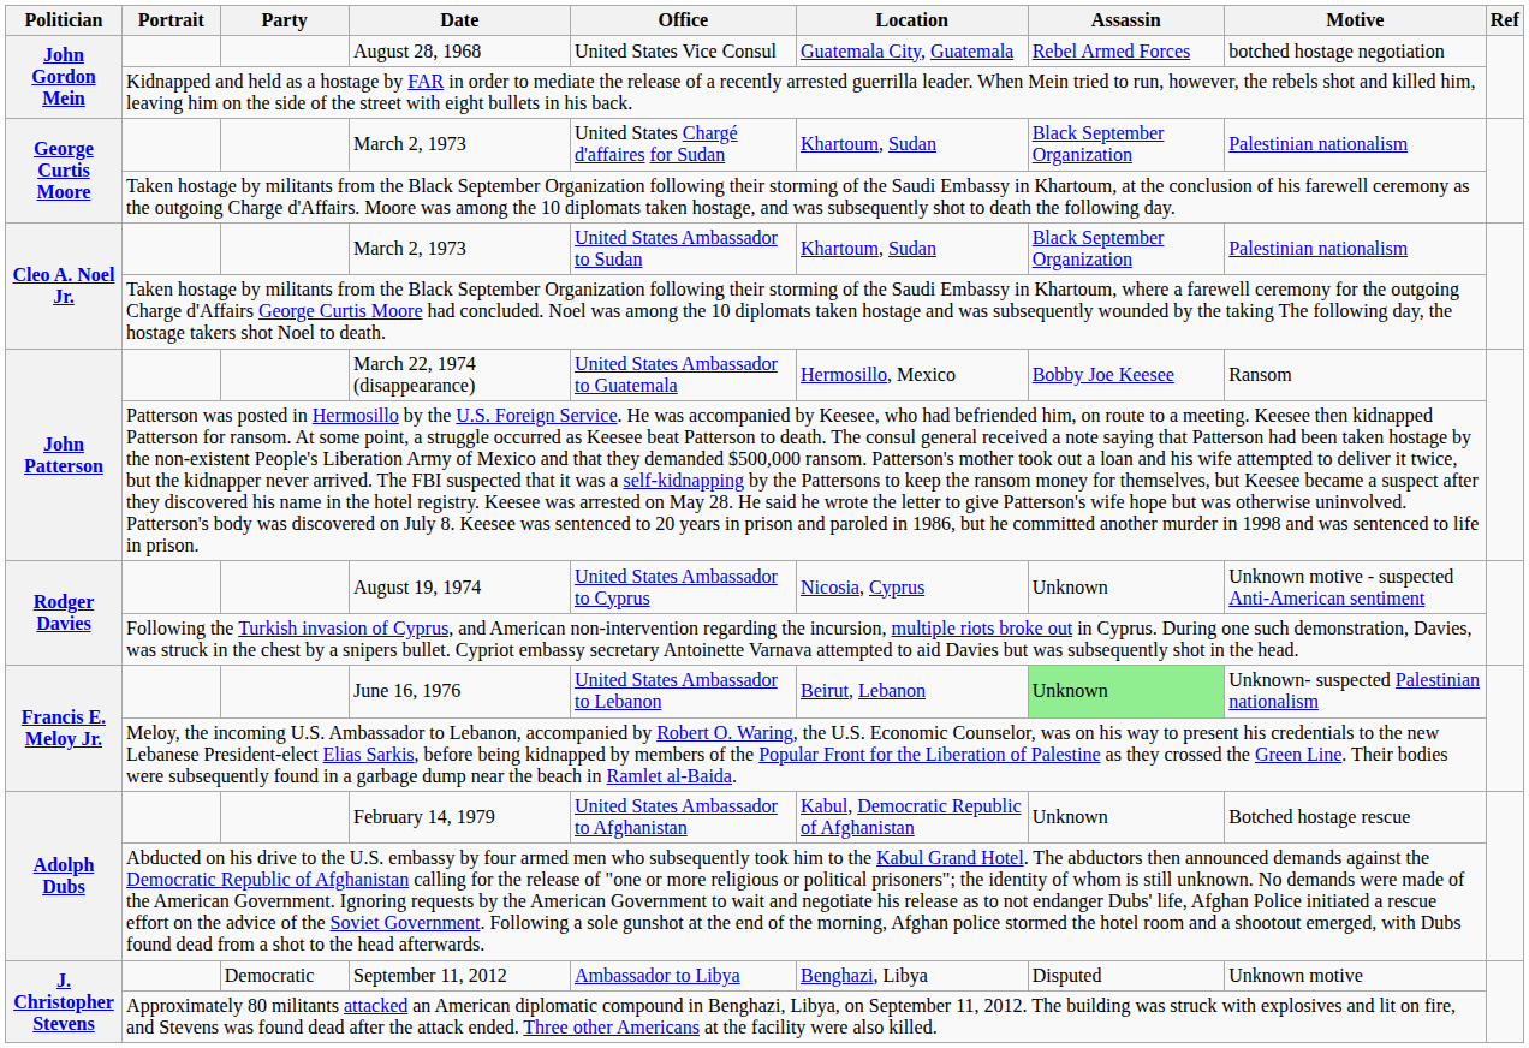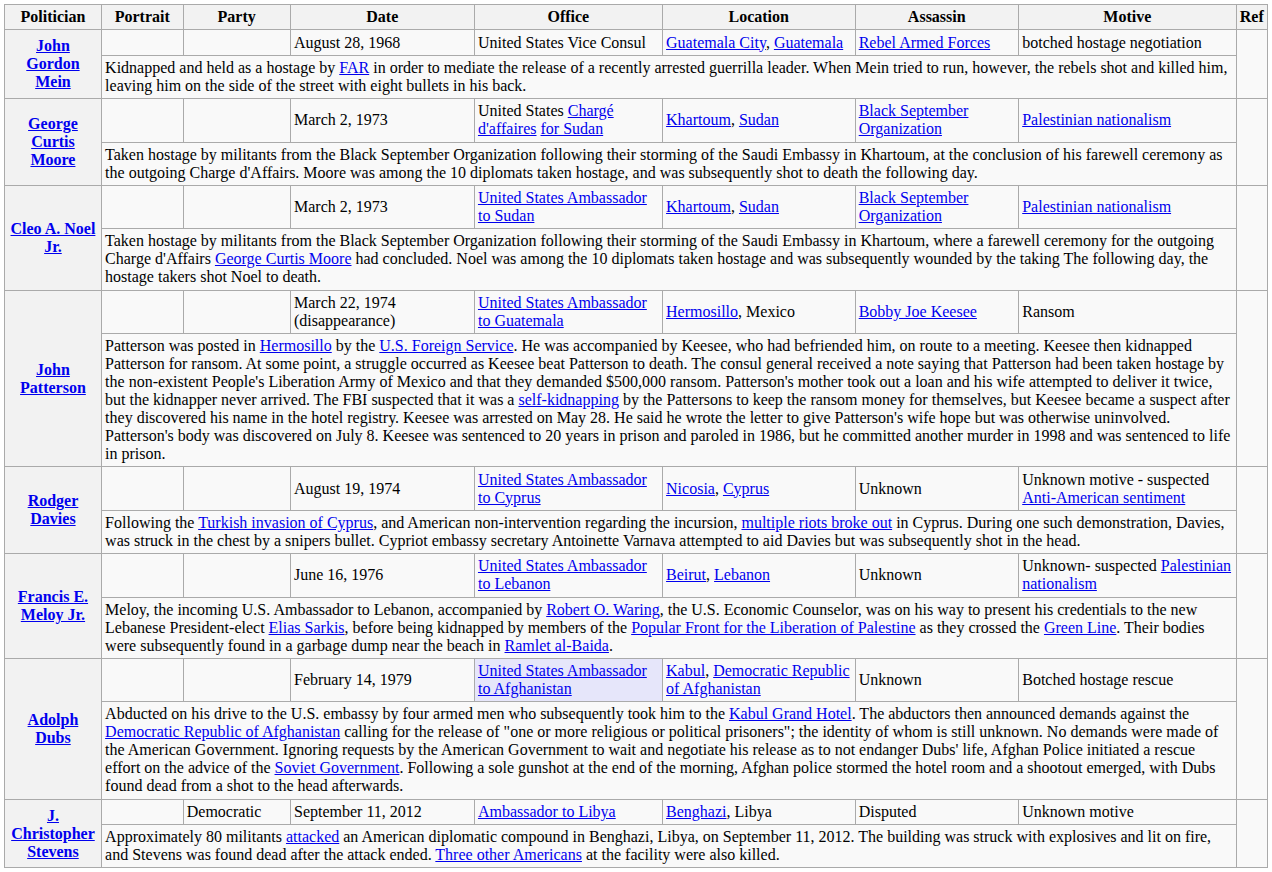 <table class="wikitable" style="width:100%;">
 <tr>
 <th>Politician</th>
 <th>Portrait</th>
 <th>Party</th>
 <th>Date</th>
 <th>Office</th>
 <th>Location</th>
 <th>Assassin</th>
 <th>Motive</th>
 <th>Ref</th>
 </tr>
 <tr>
 <th rowspan="2"><a href='#'>John Gordon Mein</a></th>
 <td></td>
 <td></td>
 <td>August 28, 1968</td>
 <td>United States Vice Consul</td>
 <td><a href='#'>Guatemala City</a>, <a href='#'>Guatemala</a></td>
 <td><a href='#'>Rebel Armed Forces</a></td>
 <td>botched hostage negotiation</td>
 <td rowspan="2"></td>
 </tr>
 <tr class="expand-child">
 <td colspan="7">Kidnapped and held as a hostage by <a href='#'>FAR</a> in order to mediate the release of a recently arrested guerrilla leader. When Mein tried to run, however, the rebels shot and killed him, leaving him on the side of the street with eight bullets in his back.</td>
 </tr>
 <tr>
 </tr>
 <tr>
 <th rowspan="2"><a href='#'>George Curtis Moore</a></th>
 <td></td>
 <td></td>
 <td>March 2, 1973</td>
 <td>United States <a href='#'>Chargé d'affaires</a> <a href='#'>for Sudan</a></td>
 <td><a href='#'>Khartoum</a>, <a href='#'>Sudan</a></td>
 <td><a href='#'>Black September Organization</a></td>
 <td><a href='#'>Palestinian nationalism</a></td>
 <td rowspan="2"></td>
 </tr>
 <tr class="expand-child">
 <td colspan="7">Taken hostage by militants from the Black September Organization following their storming of the Saudi Embassy in Khartoum, at the conclusion of his farewell ceremony as the outgoing Charge d'Affairs. Moore was among the 10 diplomats taken hostage, and was subsequently shot to death the following day.</td>
 </tr>
 <tr>
 <th rowspan="2"><a href='#'>Cleo A. Noel Jr.</a></th>
 <td></td>
 <td></td>
 <td>March 2, 1973</td>
 <td><a href='#'>United States Ambassador to Sudan</a></td>
 <td><a href='#'>Khartoum</a>, <a href='#'>Sudan</a></td>
 <td><a href='#'>Black September Organization</a></td>
 <td><a href='#'>Palestinian nationalism</a></td>
 <td rowspan="2"></td>
 </tr>
 <tr class="expand-child">
 <td colspan="7">Taken hostage by militants from the Black September Organization following their storming of the Saudi Embassy in Khartoum, where a farewell ceremony for the outgoing Charge d'Affairs <a href='#'>George Curtis Moore</a> had concluded. Noel was among the 10 diplomats taken hostage and was subsequently wounded by the taking The following day, the hostage takers shot Noel to death.</td>
 </tr>
 <tr>
 <th rowspan="2"><a href='#'>John Patterson</a></th>
 <td></td>
 <td></td>
 <td>March 22, 1974 (disappearance)</td>
 <td><a href='#'>United States Ambassador to Guatemala</a></td>
 <td><a href='#'>Hermosillo</a>, Mexico</td>
 <td><a href='#'>Bobby Joe Keesee</a></td>
 <td>Ransom</td>
 <td rowspan="2"></td>
 </tr>
 <tr class="expand-child">
 <td colspan="7">Patterson was posted in <a href='#'>Hermosillo</a> by the <a href='#'>U.S. Foreign Service</a>. He was accompanied by Keesee, who had befriended him, on route to a meeting. Keesee then kidnapped Patterson for ransom. At some point, a struggle occurred as Keesee beat Patterson to death. The consul general received a note saying that Patterson had been taken hostage by the non-existent People's Liberation Army of Mexico and that they demanded $500,000 ransom. Patterson's mother took out a loan and his wife attempted to deliver it twice, but the kidnapper never arrived. The FBI suspected that it was a <a href='#'>self-kidnapping</a> by the Pattersons to keep the ransom money for themselves, but Keesee became a suspect after they discovered his name in the hotel registry. Keesee was arrested on May 28. He said he wrote the letter to give Patterson's wife hope but was otherwise uninvolved. Patterson's body was discovered on July 8. Keesee was sentenced to 20 years in prison and paroled in 1986, but he committed another murder in 1998 and was sentenced to life in prison.</td>
 </tr>
 <tr>
 <th rowspan="2"><a href='#'>Rodger Davies</a></th>
 <td></td>
 <td></td>
 <td>August 19, 1974</td>
 <td><a href='#'>United States Ambassador to Cyprus</a></td>
 <td><a href='#'>Nicosia</a>, <a href='#'>Cyprus</a></td>
 <td>Unknown</td>
 <td>Unknown motive - suspected <a href='#'>Anti-American sentiment</a></td>
 <td rowspan="2"></td>
 </tr>
 <tr class="expand-child">
 <td colspan="7">Following the <a href='#'>Turkish invasion of Cyprus</a>, and American non-intervention regarding the incursion, <a href='#'>multiple riots broke out</a> in Cyprus. During one such demonstration, Davies, was struck in the chest by a snipers bullet. Cypriot embassy secretary Antoinette Varnava attempted to aid Davies but was subsequently shot in the head.</td>
 </tr>
 <tr>
 <th rowspan="2"><a href='#'>Francis E. Meloy Jr.</a></th>
 <td></td>
 <td></td>
 <td>June 16, 1976</td>
 <td><a href='#'>United States Ambassador to Lebanon</a></td>
 <td><a href='#'>Beirut</a>, <a href='#'>Lebanon</a></td>
-<td style="background: lightgreen;">Unknown</td>
+<td>Unknown</td>
 <td>Unknown- suspected <a href='#'>Palestinian nationalism</a></td>
 <td rowspan="2"></td>
 </tr>
 <tr class="expand-child">
 <td colspan="7">Meloy, the incoming U.S. Ambassador to Lebanon, accompanied by <a href='#'>Robert O. Waring</a>, the U.S. Economic Counselor, was on his way to present his credentials to the new Lebanese President-elect <a href='#'>Elias Sarkis</a>, before being kidnapped by members of the <a href='#'>Popular Front for the Liberation of Palestine</a> as they crossed the <a href='#'>Green Line</a>. Their bodies were subsequently found in a garbage dump near the beach in <a href='#'>Ramlet al-Baida</a>.</td>
 </tr>
 <tr>
 <th rowspan="2"><a href='#'>Adolph Dubs</a></th>
 <td></td>
 <td></td>
 <td>February 14, 1979</td>
-<td><a href='#'>United States Ambassador to Afghanistan</a></td>
+<td style="background: lavender;"><a href='#'>United States Ambassador to Afghanistan</a></td>
 <td><a href='#'>Kabul</a>, <a href='#'>Democratic Republic of Afghanistan</a></td>
 <td>Unknown</td>
 <td>Botched hostage rescue</td>
 <td rowspan="2"></td>
 </tr>
 <tr class="expand-child">
 <td colspan="7">Abducted on his drive to the U.S. embassy by four armed men who subsequently took him to the <a href='#'>Kabul Grand Hotel</a>. The abductors then announced demands against the <a href='#'>Democratic Republic of Afghanistan</a> calling for the release of "one or more religious or political prisoners"; the identity of whom is still unknown. No demands were made of the American Government. Ignoring requests by the American Government to wait and negotiate his release as to not endanger Dubs' life, Afghan Police initiated a rescue effort on the advice of the <a href='#'>Soviet Government</a>. Following a sole gunshot at the end of the morning, Afghan police stormed the hotel room and a shootout emerged, with Dubs found dead from a shot to the head afterwards.</td>
 </tr>
 <tr>
 <th rowspan="2"><a href='#'>J. Christopher Stevens</a></th>
 <td></td>
 <td>Democratic</td>
 <td>September 11, 2012</td>
 <td><a href='#'>Ambassador to Libya</a></td>
 <td><a href='#'>Benghazi</a>, Libya</td>
 <td>Disputed</td>
 <td>Unknown motive</td>
 <td rowspan="2"></td>
 </tr>
 <tr class="expand-child">
 <td colspan="7"> Approximately 80 militants <a href='#'>attacked</a> an American diplomatic compound in Benghazi, Libya, on September 11, 2012. The building was struck with explosives and lit on fire, and Stevens was found dead after the attack ended. <a href='#'>Three other Americans</a> at the facility were also killed.</td>
 </tr>
 </table>
